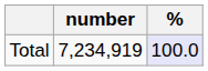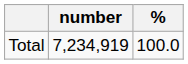 <table class="wikitable" style="text-align:center; border:5">
 <tr>
 <th></th>
 <th>number</th>
 <th>%</th>
 </tr>
 <tr>
 <td>Total</td>
 <td>7,234,919</td>
-<td style="background: lavender;">100.0</td>
+<td>100.0</td>
 </tr>
 </table>
